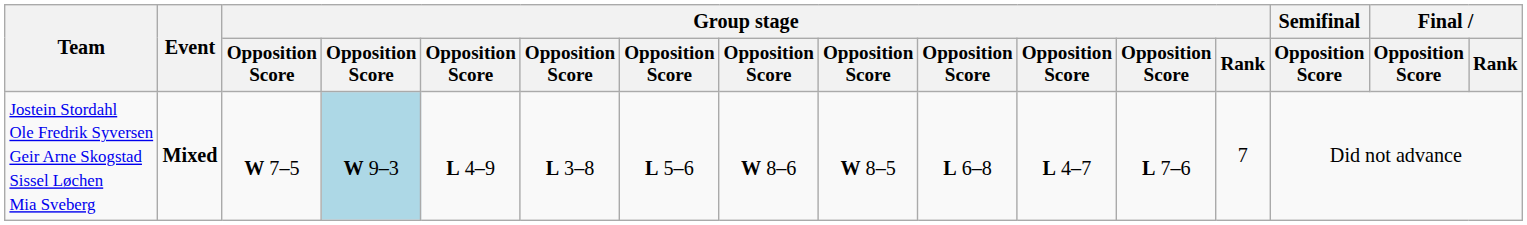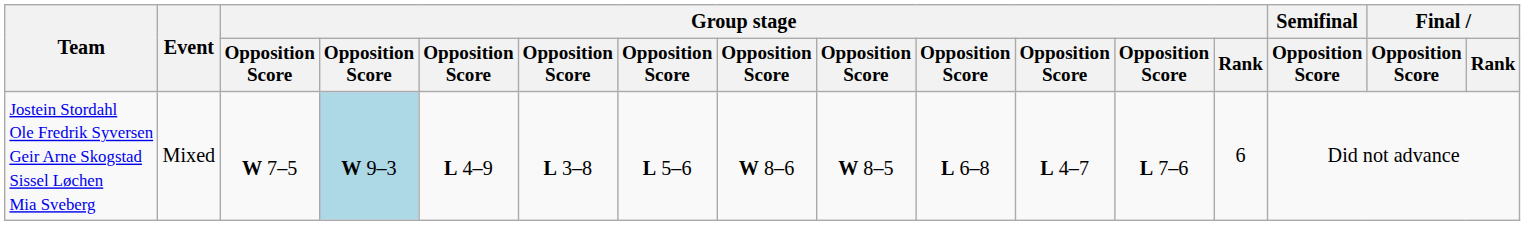 <table class=wikitable style="font-size:90%">
 <tr>
 <th rowspan=2>Team</th>
 <th rowspan=2>Event</th>
 <th colspan=11>Group stage</th>
 <th>Semifinal</th>
 <th colspan=2>Final / </th>
 </tr>
 <tr style="font-size:95%">
 <th>Opposition<br>Score</th>
 <th>Opposition<br>Score</th>
 <th>Opposition<br>Score</th>
 <th>Opposition<br>Score</th>
 <th>Opposition<br>Score</th>
 <th>Opposition<br>Score</th>
 <th>Opposition<br>Score</th>
 <th>Opposition<br>Score</th>
 <th>Opposition<br>Score</th>
 <th>Opposition<br>Score</th>
 <th>Rank</th>
 <th>Opposition<br>Score</th>
 <th>Opposition<br>Score</th>
 <th>Rank</th>
 </tr>
 <tr align="center">
 <td align="left"><small><a href='#'>Jostein Stordahl</a><br><a href='#'>Ole Fredrik Syversen</a><br><a href='#'>Geir Arne Skogstad</a><br><a href='#'>Sissel Løchen</a><br><a href='#'>Mia Sveberg</a></small></td>
-<td><strong>Mixed</strong></td>
+<td>Mixed</td>
 <td><br><strong>W</strong> 7–5</td>
 <td style="background: lightblue;"><br><strong>W</strong> 9–3</td>
 <td><br><strong>L</strong> 4–9</td>
 <td><br><strong>L</strong> 3–8</td>
 <td><br><strong>L</strong> 5–6</td>
 <td><br><strong>W</strong> 8–6</td>
 <td><br><strong>W</strong> 8–5</td>
 <td><br><strong>L</strong> 6–8</td>
 <td><br><strong>L</strong> 4–7</td>
 <td><br><strong>L</strong> 7–6</td>
-<td>7</td>
+<td>6</td>
 <td colspan=3>Did not advance</td>
 </tr>
 </table>
